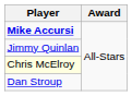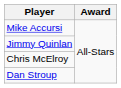 <table class="wikitable">
 <tr>
 <th>Player</th>
 <th>Award</th>
 </tr>
 <tr>
-<td><strong><a href='#'>Mike Accursi</a></strong></td>
+<td><a href='#'>Mike Accursi</a></td>
 <td rowspan=4>All-Stars</td>
 </tr>
 <tr>
 <td><a href='#'>Jimmy Quinlan</a></td>
 </tr>
 <tr>
-<td style="background: lightyellow;">Chris McElroy</td>
+<td>Chris McElroy</td>
 </tr>
 <tr>
 <td><a href='#'>Dan Stroup</a></td>
 </tr>
 </table>
